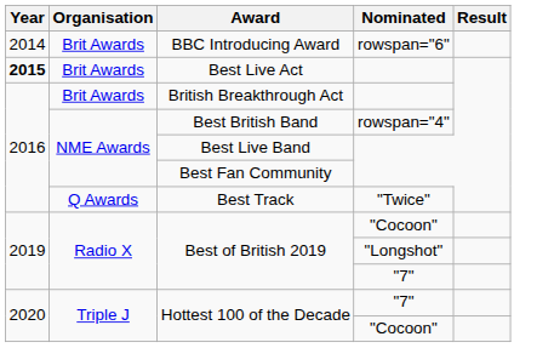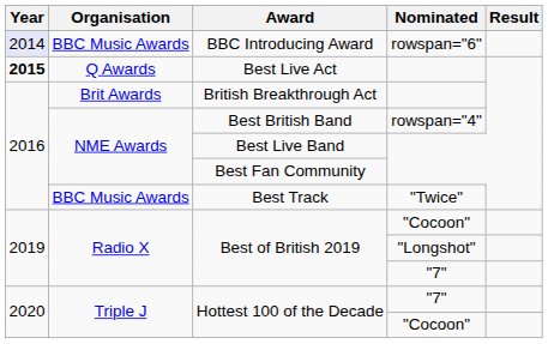 <table class="wikitable plainrowheaders" style="text-align:center;">
 <tr>
 <th>Year</th>
 <th>Organisation</th>
 <th>Award</th>
 <th>Nominated</th>
 <th>Result</th>
 </tr>
 <tr>
-<td>2014</td>
-<td><a href='#'>Brit Awards</a></td>
+<td style="background: lavender;">2014</td>
+<td><a href='#'>BBC Music Awards</a></td>
 <td>BBC Introducing Award</td>
 <td>rowspan="6" </td>
 <td></td>
 </tr>
 <tr>
 <td><strong>2015</strong></td>
-<td><a href='#'>Brit Awards</a></td>
+<td><a href='#'>Q Awards</a></td>
 <td>Best Live Act</td>
 <td></td>
 </tr>
 <tr>
 <td rowspan="5">2016</td>
 <td><a href='#'>Brit Awards</a></td>
 <td>British Breakthrough Act</td>
 <td></td>
 </tr>
 <tr>
 <td rowspan="3"><a href='#'>NME Awards</a></td>
 <td>Best British Band</td>
 <td>rowspan="4" </td>
 </tr>
 <tr>
 <td>Best Live Band</td>
 </tr>
 <tr>
 <td>Best Fan Community</td>
 </tr>
 <tr>
-<td><a href='#'>Q Awards</a></td>
+<td><a href='#'>BBC Music Awards</a></td>
 <td>Best Track</td>
 <td>"Twice"</td>
 </tr>
 <tr>
 <td rowspan="3">2019</td>
 <td rowspan="3"><a href='#'>Radio X</a></td>
 <td rowspan="3">Best of British 2019</td>
 <td>"Cocoon"</td>
 <td></td>
 </tr>
 <tr>
 <td>"Longshot"</td>
 <td></td>
 </tr>
 <tr>
 <td>"7"</td>
 <td></td>
 </tr>
 <tr>
 <td rowspan="3">2020</td>
 <td rowspan="3"><a href='#'>Triple J</a></td>
 <td rowspan="3">Hottest 100 of the Decade</td>
 <td>"7"</td>
 <td></td>
 </tr>
 <tr>
 <td>"Cocoon"</td>
 <td></td>
 </tr>
 </table>
